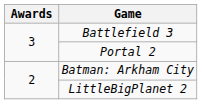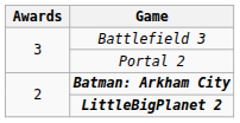 <table class="wikitable" style="text-align:center;">
 <tr>
 <th width="55">Awards</th>
 <th align="center">Game</th>
 </tr>
 <tr>
 <td rowspan=2 style="text-align:center">3</td>
 <td><em>Battlefield 3</em></td>
 </tr>
 <tr>
 <td><em>Portal 2</em></td>
 </tr>
 <tr>
 <td rowspan=2 style="text-align:center">2</td>
-<td><em>Batman: Arkham City</em></td>
+<td><strong><em>Batman: Arkham City</em></strong></td>
 </tr>
 <tr>
-<td><em>LittleBigPlanet 2</em></td>
+<td><strong><em>LittleBigPlanet 2</em></strong></td>
 </tr>
 </table>
